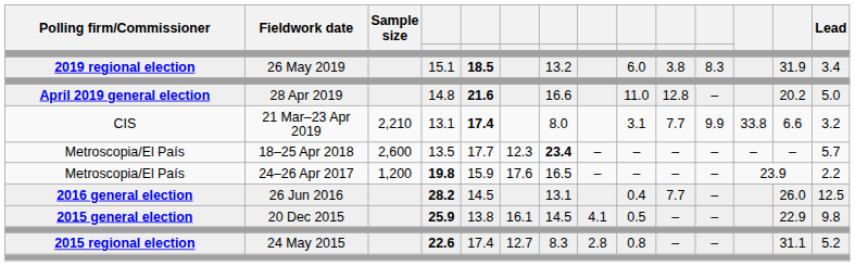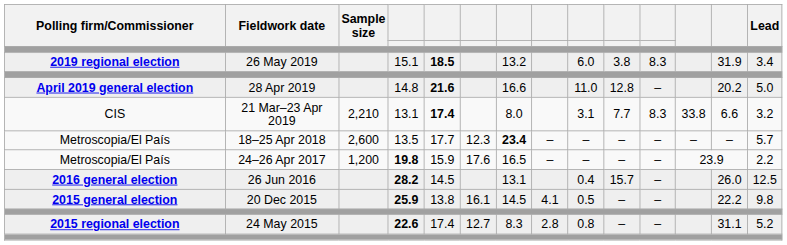 <table class="wikitable collapsible collapsed" style="text-align:center; font-size:90%; line-height:16px;">
 <tr style="height:42px;">
 <th style="width:250px;" rowspan="2">Polling firm/Commissioner</th>
 <th style="width:125px;" rowspan="2">Fieldwork date</th>
 <th style="width:50px;" rowspan="2">Sample size</th>
 <th style="width:35px;"></th>
 <th style="width:35px;"></th>
 <th style="width:35px;"></th>
 <th style="width:35px;"></th>
 <th style="width:35px;"></th>
 <th style="width:35px;"></th>
 <th style="width:35px;"></th>
 <th style="width:35px;"></th>
 <th style="width:35px;" rowspan="2"></th>
 <th style="width:35px;" rowspan="2"></th>
 <th style="width:30px;" rowspan="2">Lead</th>
 </tr>
 <tr>
 <th style="color:inherit;background:"></th>
 <th style="color:inherit;background:"></th>
 <th style="color:inherit;background:"></th>
 <th style="color:inherit;background:"></th>
 <th style="color:inherit;background:"></th>
 <th style="color:inherit;background:"></th>
 <th style="color:inherit;background:"></th>
 <th style="color:inherit;background:"></th>
 </tr>
 <tr>
 <td colspan="14" style="background:#A0A0A0"></td>
 </tr>
 <tr style="background:#EFEFEF;">
 <td><strong><a href='#'>2019 regional election</a></strong></td>
 <td>26 May 2019</td>
 <td></td>
 <td>15.1</td>
 <td><strong>18.5</strong></td>
 <td></td>
 <td>13.2</td>
 <td></td>
 <td>6.0</td>
 <td>3.8</td>
 <td>8.3</td>
 <td></td>
 <td>31.9</td>
 <td style="background:">3.4</td>
 </tr>
 <tr>
 <td colspan="14" style="background:#A0A0A0"></td>
 </tr>
 <tr style="background:#EFEFEF;">
 <td><strong><a href='#'>April 2019 general election</a></strong></td>
 <td>28 Apr 2019</td>
 <td></td>
 <td>14.8</td>
 <td><strong>21.6</strong></td>
 <td></td>
 <td>16.6</td>
 <td></td>
 <td>11.0</td>
 <td>12.8</td>
 <td>–</td>
 <td></td>
 <td>20.2</td>
 <td style="background:">5.0</td>
 </tr>
 <tr>
 <td>CIS</td>
 <td>21 Mar–23 Apr 2019</td>
 <td>2,210</td>
 <td>13.1</td>
 <td><strong>17.4</strong></td>
 <td></td>
 <td>8.0</td>
 <td></td>
 <td>3.1</td>
 <td>7.7</td>
-<td>9.9</td>
+<td>8.3</td>
 <td>33.8</td>
 <td>6.6</td>
 <td style="background:">3.2</td>
 </tr>
 <tr>
 <td>Metroscopia/El País</td>
 <td>18–25 Apr 2018</td>
 <td>2,600</td>
 <td>13.5</td>
 <td>17.7</td>
 <td>12.3</td>
 <td><strong>23.4</strong></td>
 <td>–</td>
 <td>–</td>
 <td>–</td>
 <td>–</td>
 <td>–</td>
 <td>–</td>
 <td style="background:">5.7</td>
 </tr>
 <tr>
 <td>Metroscopia/El País</td>
 <td>24–26 Apr 2017</td>
 <td>1,200</td>
 <td><strong>19.8</strong></td>
 <td>15.9</td>
 <td>17.6</td>
 <td>16.5</td>
 <td>–</td>
 <td>–</td>
 <td>–</td>
 <td>–</td>
 <td colspan="2">23.9</td>
 <td style="background:">2.2</td>
 </tr>
 <tr style="background:#EFEFEF;">
 <td><strong><a href='#'>2016 general election</a></strong></td>
 <td>26 Jun 2016</td>
 <td></td>
 <td><strong>28.2</strong></td>
 <td>14.5</td>
 <td></td>
 <td>13.1</td>
 <td></td>
 <td>0.4</td>
-<td>7.7</td>
+<td>15.7</td>
 <td>–</td>
 <td></td>
 <td>26.0</td>
 <td style="background:">12.5</td>
 </tr>
 <tr style="background:#EFEFEF;">
 <td><strong><a href='#'>2015 general election</a></strong></td>
 <td>20 Dec 2015</td>
 <td></td>
 <td><strong>25.9</strong></td>
 <td>13.8</td>
 <td>16.1</td>
 <td>14.5</td>
 <td>4.1</td>
 <td>0.5</td>
 <td>–</td>
 <td>–</td>
 <td></td>
-<td>22.9</td>
+<td>22.2</td>
 <td style="background:">9.8</td>
 </tr>
 <tr>
 <td colspan="14" style="background:#A0A0A0"></td>
 </tr>
 <tr style="background:#EFEFEF;">
 <td><strong><a href='#'>2015 regional election</a></strong></td>
 <td>24 May 2015</td>
 <td></td>
 <td><strong>22.6</strong></td>
 <td>17.4</td>
 <td>12.7</td>
 <td>8.3</td>
 <td>2.8</td>
 <td>0.8</td>
 <td>–</td>
 <td>–</td>
 <td></td>
 <td>31.1</td>
 <td style="background:">5.2</td>
 </tr>
 <tr>
 <td colspan="14" style="background:#A0A0A0"></td>
 </tr>
 </table>
